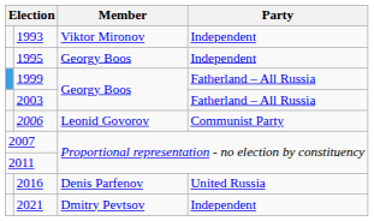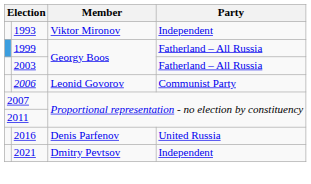 <table class="wikitable">
 <tr>
 <th colspan="2">Election</th>
 <th>Member</th>
 <th>Party</th>
 </tr>
 <tr>
 <td style="background-color:"></td>
 <td><a href='#'>1993</a></td>
 <td><a href='#'>Viktor Mironov</a></td>
-<td><a href='#'>Independent</a></td>
-</tr>
-<tr>
-<td style="background-color:"></td>
-<td><a href='#'>1995</a></td>
-<td><a href='#'>Georgy Boos</a></td>
 <td><a href='#'>Independent</a></td>
 </tr>
 <tr>
 <td style="background-color:#3B9EDF"></td>
 <td><a href='#'>1999</a></td>
 <td rowspan=2><a href='#'>Georgy Boos</a></td>
 <td><a href='#'>Fatherland – All Russia</a></td>
 </tr>
 <tr>
 <td style="background-color:"></td>
 <td><a href='#'>2003</a></td>
 <td><a href='#'>Fatherland – All Russia</a></td>
 </tr>
 <tr>
 <td style="background-color:"></td>
 <td><em><a href='#'>2006</a></em></td>
 <td><a href='#'>Leonid Govorov</a></td>
 <td><a href='#'>Communist Party</a></td>
 </tr>
 <tr>
 <td colspan=2><a href='#'>2007</a></td>
 <td colspan=2 rowspan=2><em><a href='#'>Proportional representation</a> - no election by constituency</em></td>
 </tr>
 <tr>
 <td colspan=2><a href='#'>2011</a></td>
 </tr>
 <tr>
 <td style="background-color:"></td>
 <td><a href='#'>2016</a></td>
 <td><a href='#'>Denis Parfenov</a></td>
 <td><a href='#'>United Russia</a></td>
 </tr>
 <tr>
 <td style="background-color:"></td>
 <td><a href='#'>2021</a></td>
 <td><a href='#'>Dmitry Pevtsov</a></td>
 <td><a href='#'>Independent</a></td>
 </tr>
 </table>
